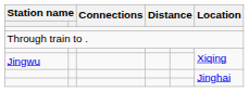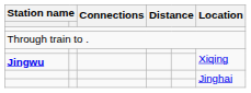 <table class="wikitable">
 <tr>
 <th colspan="2">Station name</th>
 <th rowspan="2">Connections</th>
 <th colspan="2" rowspan="2">Distance<br></th>
 <th rowspan="2">Location</th>
 </tr>
 <tr>
 <th></th>
 <th></th>
 </tr>
 <tr style="background:#">
 <td colspan = "7"></td>
 </tr>
 <tr>
 <td colspan="6">Through train to  .</td>
 </tr>
 <tr>
 <td></td>
 <td></td>
 <td></td>
 <td></td>
 <td></td>
 <td rowspan="2"><a href='#'>Xiqing</a></td>
 </tr>
 <tr>
-<td><a href='#'>Jingwu</a></td>
+<td><strong><a href='#'>Jingwu</a></strong></td>
 <td></td>
 <td></td>
 <td></td>
 <td></td>
 </tr>
 <tr>
 <td></td>
 <td></td>
 <td></td>
 <td></td>
 <td></td>
 <td rowspan="2"><a href='#'>Jinghai</a></td>
 </tr>
 <tr>
 <td></td>
 <td></td>
 <td></td>
 <td></td>
 <td></td>
 </tr>
 </table>
